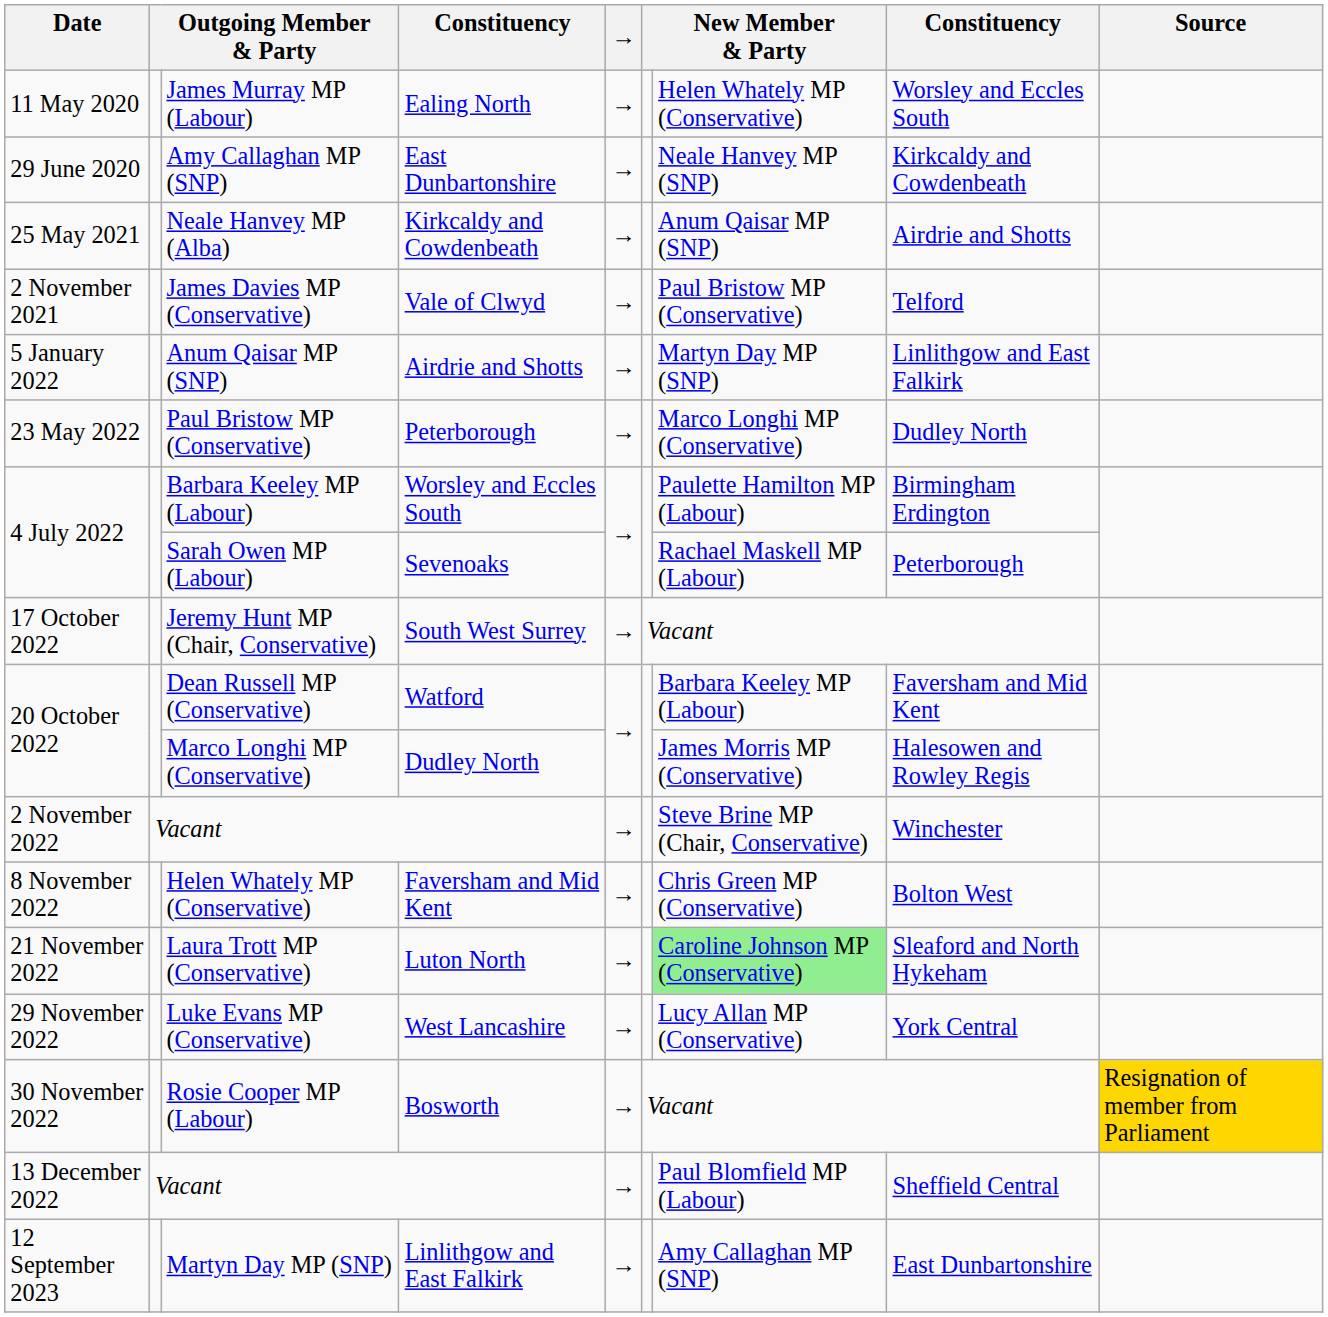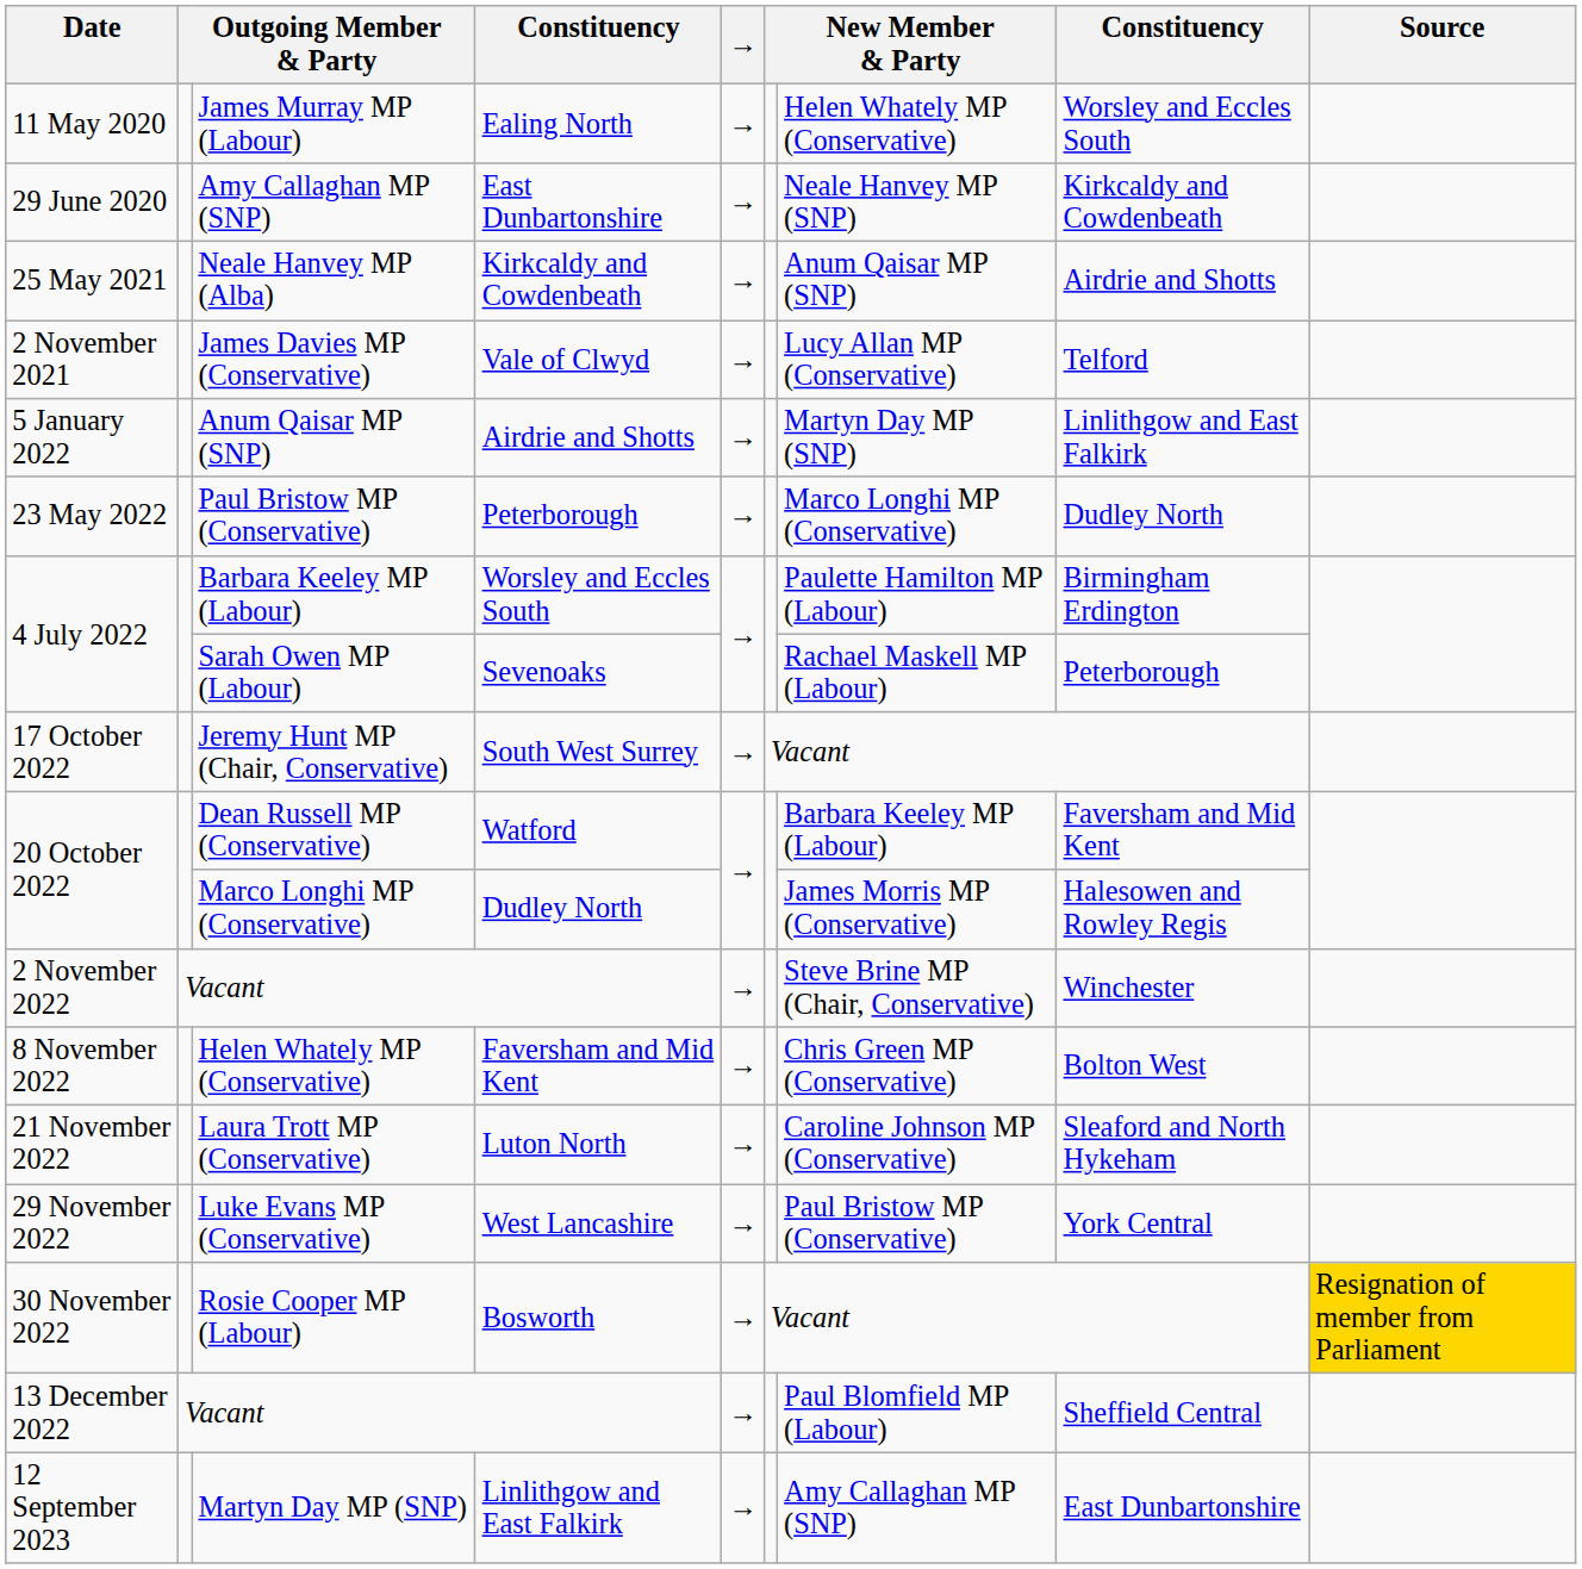 <table class="wikitable">
 <tr>
 <th valign="top">Date</th>
 <th colspan="2" valign="top">Outgoing Member<br>& Party</th>
 <th valign="top">Constituency</th>
 <th>→</th>
 <th colspan="2" valign="top">New Member<br>& Party</th>
 <th valign="top">Constituency</th>
 <th valign="top">Source</th>
 </tr>
 <tr>
 <td>11 May 2020</td>
 <td style="color:inherit;background:"></td>
 <td><a href='#'>James Murray</a> MP (<a href='#'>Labour</a>)</td>
 <td><a href='#'>Ealing North</a></td>
 <td>→</td>
 <td style="color:inherit;background:"></td>
 <td><a href='#'>Helen Whately</a> MP (<a href='#'>Conservative</a>)</td>
 <td><a href='#'>Worsley and Eccles South</a></td>
 <td></td>
 </tr>
 <tr>
 <td>29 June 2020</td>
 <td style="color:inherit;background:"></td>
 <td><a href='#'>Amy Callaghan</a> MP (<a href='#'>SNP</a>)</td>
 <td><a href='#'>East Dunbartonshire</a></td>
 <td>→</td>
 <td style="color:inherit;background:"></td>
 <td><a href='#'>Neale Hanvey</a> MP (<a href='#'>SNP</a>)</td>
 <td><a href='#'>Kirkcaldy and Cowdenbeath</a></td>
 <td></td>
 </tr>
 <tr>
 <td>25 May 2021</td>
 <td style="color:inherit;background:"></td>
 <td><a href='#'>Neale Hanvey</a> MP (<a href='#'>Alba</a>)</td>
 <td><a href='#'>Kirkcaldy and Cowdenbeath</a></td>
 <td>→</td>
 <td style="color:inherit;background:"></td>
 <td><a href='#'>Anum Qaisar</a> MP (<a href='#'>SNP</a>)</td>
 <td><a href='#'>Airdrie and Shotts</a></td>
 <td></td>
 </tr>
 <tr>
 <td>2 November 2021</td>
 <td style="color:inherit;background:"></td>
 <td><a href='#'>James Davies</a> MP (<a href='#'>Conservative</a>)</td>
 <td><a href='#'>Vale of Clwyd</a></td>
 <td>→</td>
 <td style="color:inherit;background:"></td>
-<td><a href='#'>Paul Bristow</a> MP (<a href='#'>Conservative</a>)</td>
+<td><a href='#'>Lucy Allan</a> MP (<a href='#'>Conservative</a>)</td>
 <td><a href='#'>Telford</a></td>
 <td></td>
 </tr>
 <tr>
 <td>5 January 2022</td>
 <td style="color:inherit;background:"></td>
 <td><a href='#'>Anum Qaisar</a> MP (<a href='#'>SNP</a>)</td>
 <td><a href='#'>Airdrie and Shotts</a></td>
 <td>→</td>
 <td style="color:inherit;background:"></td>
 <td><a href='#'>Martyn Day</a> MP (<a href='#'>SNP</a>)</td>
 <td><a href='#'>Linlithgow and East Falkirk</a></td>
 <td></td>
 </tr>
 <tr>
 <td>23 May 2022</td>
 <td style="color:inherit;background:"></td>
 <td><a href='#'>Paul Bristow</a> MP (<a href='#'>Conservative</a>)</td>
 <td><a href='#'>Peterborough</a></td>
 <td>→</td>
 <td style="color:inherit;background:"></td>
 <td><a href='#'>Marco Longhi</a> MP (<a href='#'>Conservative</a>)</td>
 <td><a href='#'>Dudley North</a></td>
 <td></td>
 </tr>
 <tr>
 <td rowspan=2>4 July 2022</td>
 <td rowspan=2 style="color:inherit;background:"></td>
 <td><a href='#'>Barbara Keeley</a> MP (<a href='#'>Labour</a>)</td>
 <td><a href='#'>Worsley and Eccles South</a></td>
 <td rowspan=2>→</td>
 <td rowspan=2 style="color:inherit;background:"></td>
 <td><a href='#'>Paulette Hamilton</a> MP (<a href='#'>Labour</a>)</td>
 <td><a href='#'>Birmingham Erdington</a></td>
 <td rowspan=2></td>
 </tr>
 <tr>
 <td><a href='#'>Sarah Owen</a> MP (<a href='#'>Labour</a>)</td>
 <td><a href='#'>Sevenoaks</a></td>
 <td><a href='#'>Rachael Maskell</a> MP (<a href='#'>Labour</a>)</td>
 <td><a href='#'>Peterborough</a></td>
 </tr>
 <tr>
 <td>17 October 2022</td>
 <td style="color:inherit;background:"></td>
 <td><a href='#'>Jeremy Hunt</a> MP (Chair, <a href='#'>Conservative</a>)</td>
 <td><a href='#'>South West Surrey</a></td>
 <td>→</td>
 <td colspan=3><em>Vacant</em></td>
 <td></td>
 </tr>
 <tr>
 <td rowspan="2">20 October 2022</td>
 <td rowspan=2 style="color:inherit;background:"></td>
 <td><a href='#'>Dean Russell</a> MP (<a href='#'>Conservative</a>)</td>
 <td><a href='#'>Watford</a></td>
 <td rowspan="2">→</td>
 <td rowspan=2 style="color:inherit;background:"></td>
 <td><a href='#'>Barbara Keeley</a> MP (<a href='#'>Labour</a>)</td>
 <td><a href='#'>Faversham and Mid Kent</a></td>
 <td rowspan="2"></td>
 </tr>
 <tr>
 <td><a href='#'>Marco Longhi</a> MP (<a href='#'>Conservative</a>)</td>
 <td><a href='#'>Dudley North</a></td>
 <td><a href='#'>James Morris</a> MP (<a href='#'>Conservative</a>)</td>
 <td><a href='#'>Halesowen and Rowley Regis</a></td>
 </tr>
 <tr>
 <td>2 November 2022</td>
 <td colspan=3><em>Vacant</em></td>
 <td>→</td>
 <td style="color:inherit;background:"></td>
 <td><a href='#'>Steve Brine</a> MP (Chair, <a href='#'>Conservative</a>)</td>
 <td><a href='#'>Winchester</a></td>
 <td></td>
 </tr>
 <tr>
 <td>8 November 2022</td>
 <td style="color:inherit;background:"></td>
 <td><a href='#'>Helen Whately</a> MP (<a href='#'>Conservative</a>)</td>
 <td><a href='#'>Faversham and Mid Kent</a></td>
 <td>→</td>
 <td style="color:inherit;background:"></td>
 <td><a href='#'>Chris Green</a> MP (<a href='#'>Conservative</a>)</td>
 <td><a href='#'>Bolton West</a></td>
 <td></td>
 </tr>
 <tr>
 <td>21 November 2022</td>
 <td style="color:inherit;background:"></td>
 <td><a href='#'>Laura Trott</a> MP (<a href='#'>Conservative</a>)</td>
 <td><a href='#'>Luton North</a></td>
 <td>→</td>
 <td style="color:inherit;background:"></td>
-<td style="background: lightgreen;"><a href='#'>Caroline Johnson</a> MP (<a href='#'>Conservative</a>)</td>
+<td><a href='#'>Caroline Johnson</a> MP (<a href='#'>Conservative</a>)</td>
 <td><a href='#'>Sleaford and North Hykeham</a></td>
 <td></td>
 </tr>
 <tr>
 <td>29 November 2022</td>
 <td style="color:inherit;background:"></td>
 <td><a href='#'>Luke Evans</a> MP (<a href='#'>Conservative</a>)</td>
 <td><a href='#'>West Lancashire</a></td>
 <td>→</td>
 <td style="color:inherit;background:"></td>
-<td><a href='#'>Lucy Allan</a> MP (<a href='#'>Conservative</a>)</td>
+<td><a href='#'>Paul Bristow</a> MP (<a href='#'>Conservative</a>)</td>
 <td><a href='#'>York Central</a></td>
 <td></td>
 </tr>
 <tr>
 <td>30 November 2022</td>
 <td style="color:inherit;background:"></td>
 <td><a href='#'>Rosie Cooper</a> MP (<a href='#'>Labour</a>)</td>
 <td><a href='#'>Bosworth</a></td>
 <td>→</td>
 <td colspan=3><em>Vacant</em></td>
 <td style="background: gold;">Resignation of member from Parliament</td>
 </tr>
 <tr>
 <td>13 December 2022</td>
 <td colspan=3><em>Vacant</em></td>
 <td>→</td>
 <td style="color:inherit;background:"></td>
 <td><a href='#'>Paul Blomfield</a> MP (<a href='#'>Labour</a>)</td>
 <td><a href='#'>Sheffield Central</a></td>
 <td></td>
 </tr>
 <tr>
 <td>12 September 2023</td>
 <td style="color:inherit;background:"></td>
 <td><a href='#'>Martyn Day</a> MP (<a href='#'>SNP</a>)</td>
 <td><a href='#'>Linlithgow and East Falkirk</a></td>
 <td>→</td>
 <td style="color:inherit;background:"></td>
 <td><a href='#'>Amy Callaghan</a> MP (<a href='#'>SNP</a>)</td>
 <td><a href='#'>East Dunbartonshire</a></td>
 <td></td>
 </tr>
 </table>
